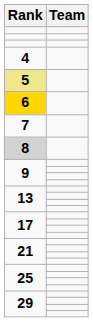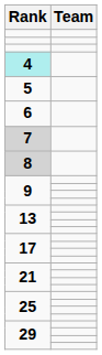 <table class=wikitable>
 <tr>
 <th>Rank</th>
 <th>Team</th>
 </tr>
 <tr>
 <td align=center></td>
 <td></td>
 </tr>
 <tr>
 <td align=center></td>
 <td></td>
 </tr>
 <tr>
 <td align=center></td>
 <td></td>
 </tr>
 <tr>
-<td align=center><strong>4</strong></td>
+<td align=center style="background: paleturquoise;"><strong>4</strong></td>
 <td></td>
 </tr>
 <tr>
-<td align=center style="background: khaki;"><strong>5</strong></td>
+<td align=center><strong>5</strong></td>
 <td></td>
 </tr>
 <tr>
-<td align=center style="background: gold;"><strong>6</strong></td>
+<td align=center><strong>6</strong></td>
 <td></td>
 </tr>
 <tr>
-<td align=center><strong>7</strong></td>
+<td align=center style="background: lightgrey;"><strong>7</strong></td>
 <td></td>
 </tr>
 <tr>
 <td align=center style="background: lightgrey;"><strong>8</strong></td>
 <td></td>
 </tr>
 <tr>
 <td rowspan=4 align=center><strong>9</strong></td>
 <td></td>
 </tr>
 <tr>
 <td></td>
 </tr>
 <tr>
 <td></td>
 </tr>
 <tr>
 <td></td>
 </tr>
 <tr>
 <td rowspan=4 align=center><strong>13</strong></td>
 <td></td>
 </tr>
 <tr>
 <td></td>
 </tr>
 <tr>
 <td></td>
 </tr>
 <tr>
 <td></td>
 </tr>
 <tr>
 <td rowspan=4 align=center><strong>17</strong></td>
 <td></td>
 </tr>
 <tr>
 <td></td>
 </tr>
 <tr>
 <td></td>
 </tr>
 <tr>
 <td></td>
 </tr>
 <tr>
 <td rowspan=4 align=center><strong>21</strong></td>
 <td></td>
 </tr>
 <tr>
 <td></td>
 </tr>
 <tr>
 <td></td>
 </tr>
 <tr>
 <td></td>
 </tr>
 <tr>
 <td rowspan=4 align=center><strong>25</strong></td>
 <td></td>
 </tr>
 <tr>
 <td></td>
 </tr>
 <tr>
 <td></td>
 </tr>
 <tr>
 <td></td>
 </tr>
 <tr>
 <td rowspan=4 align=center><strong>29</strong></td>
 <td></td>
 </tr>
 <tr>
 <td></td>
 </tr>
 <tr>
 <td></td>
 </tr>
 <tr>
 <td></td>
 </tr>
 </table>
